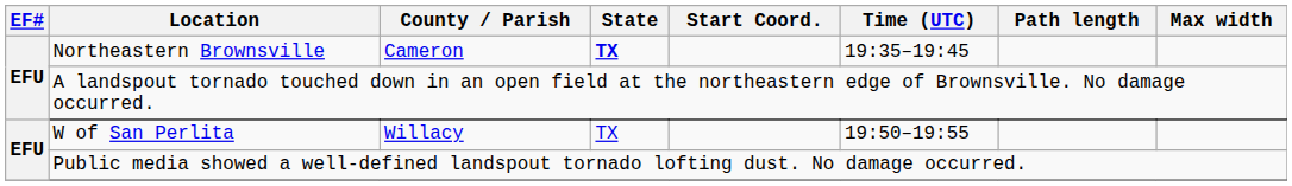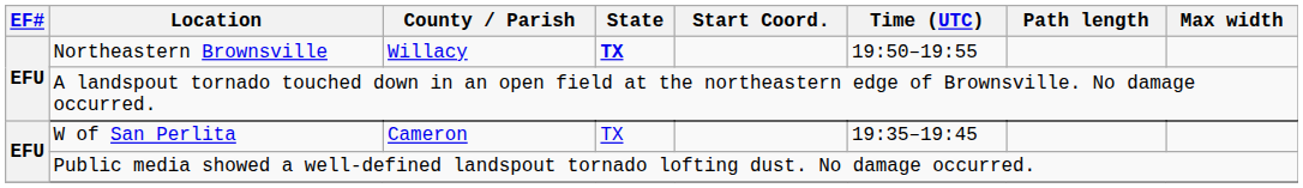 <table class="wikitable sortable" style="width:100%;">
 <tr>
 <th scope="col" width="2%" align="center"><a href='#'>EF#</a></th>
 <th scope="col" align="center" class="unsortable">Location</th>
 <th scope="col" align="center" class="unsortable">County / Parish</th>
 <th scope="col" align="center">State</th>
 <th scope="col" align="center">Start Coord.</th>
 <th scope="col" align="center">Time (<a href='#'>UTC</a>)</th>
 <th scope="col" align="center">Path length</th>
 <th scope="col" align="center">Max width</th>
 </tr>
 <tr>
 <th scope="row" rowspan="2" style="background-color:#">EFU</th>
 <td>Northeastern <a href='#'>Brownsville</a></td>
-<td><a href='#'>Cameron</a></td>
+<td><a href='#'>Willacy</a></td>
 <td><strong><a href='#'>TX</a></strong></td>
 <td></td>
-<td>19:35–19:45</td>
+<td>19:50–19:55</td>
 <td></td>
 <td></td>
 </tr>
 <tr class="expand-child">
 <td colspan="8" style=" border-bottom: 1px solid black;">A landspout tornado touched down in an open field at the northeastern edge of Brownsville. No damage occurred.</td>
 </tr>
 <tr>
 <th scope="row" rowspan="2" style="background-color:#">EFU</th>
 <td>W of <a href='#'>San Perlita</a></td>
-<td><a href='#'>Willacy</a></td>
+<td><a href='#'>Cameron</a></td>
 <td><a href='#'>TX</a></td>
 <td></td>
-<td>19:50–19:55</td>
+<td>19:35–19:45</td>
 <td></td>
 <td></td>
 </tr>
 <tr class="expand-child">
 <td colspan="8" style=" border-bottom: 1px solid black;">Public media showed a well-defined landspout tornado lofting dust. No damage occurred.</td>
 </tr>
 <tr>
 </tr>
 </table>
